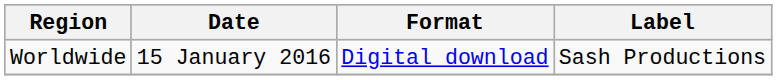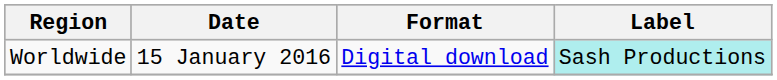 <table class=wikitable>
 <tr>
 <th>Region</th>
 <th>Date</th>
 <th>Format</th>
 <th>Label</th>
 </tr>
 <tr>
 <td>Worldwide</td>
 <td>15 January 2016</td>
 <td><a href='#'>Digital download</a></td>
-<td>Sash Productions</td>
+<td style="background: paleturquoise;">Sash Productions</td>
 </tr>
 <tr>
 </tr>
 </table>
